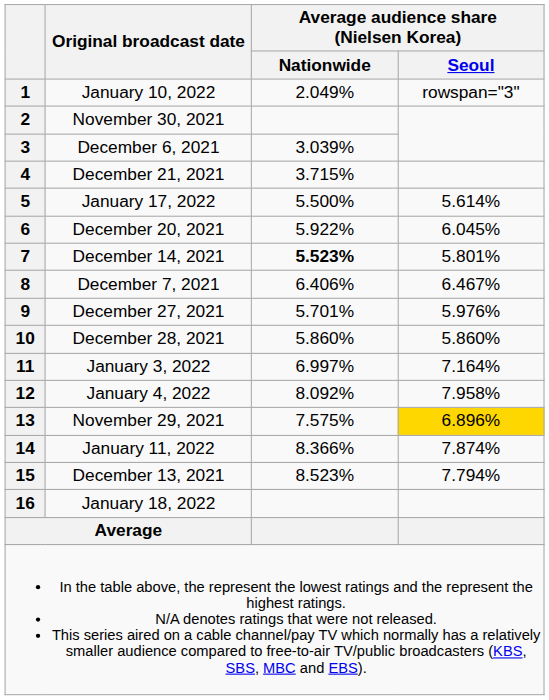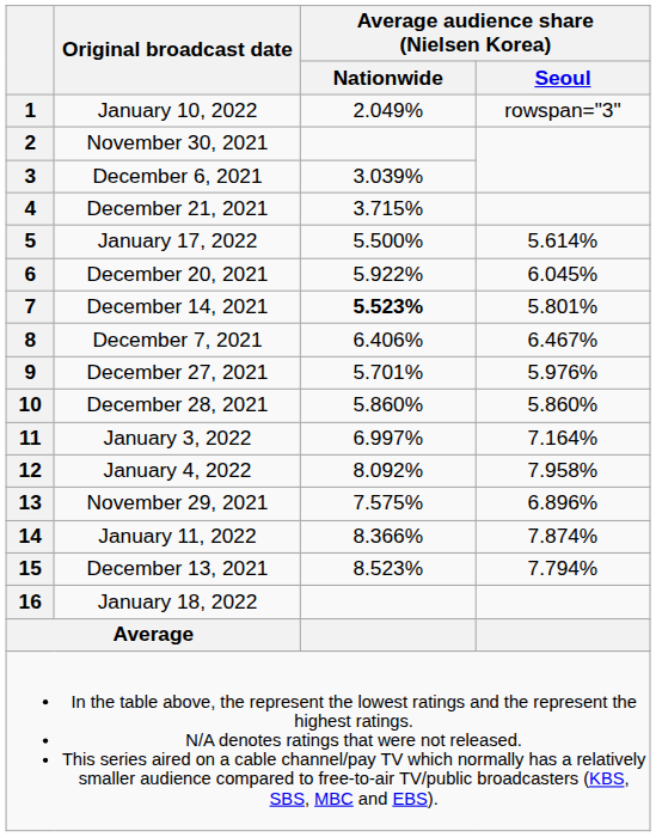 <table class="wikitable" style="margin-left:auto; margin-right:auto; text-align:center; max-width:500px">
 <tr>
 <th scope="col" rowspan="2"></th>
 <th scope="col" rowspan="2">Original broadcast date</th>
 <th scope="col" colspan="2">Average audience share<br>(Nielsen Korea)</th>
 </tr>
 <tr>
 <th scope="col" style="width:8em">Nationwide</th>
 <th scope="col" style="width:8em"><a href='#'>Seoul</a></th>
 </tr>
 <tr>
 <th scope="col">1</th>
 <td>January 10, 2022</td>
 <td>2.049% </td>
 <td>rowspan="3" </td>
 </tr>
 <tr>
 <th scope="col">2</th>
 <td>November 30, 2021</td>
 <td><strong></strong> </td>
 </tr>
 <tr>
 <th scope="col">3</th>
 <td>December 6, 2021</td>
 <td>3.039% </td>
 </tr>
 <tr>
 <th scope="col">4</th>
 <td>December 21, 2021</td>
 <td>3.715% </td>
 <td><strong></strong> </td>
 </tr>
 <tr>
 <th scope="col">5</th>
 <td>January 17, 2022</td>
 <td>5.500% </td>
 <td>5.614% </td>
 </tr>
 <tr>
 <th scope="col">6</th>
 <td>December 20, 2021</td>
 <td>5.922% </td>
 <td>6.045% </td>
 </tr>
 <tr>
 <th scope="col">7</th>
 <td>December 14, 2021</td>
 <td><strong>5.523% </strong></td>
 <td>5.801% </td>
 </tr>
 <tr>
 <th scope="col">8</th>
 <td>December 7, 2021</td>
 <td>6.406% </td>
 <td>6.467% </td>
 </tr>
 <tr>
 <th scope="col">9</th>
 <td>December 27, 2021</td>
 <td>5.701% </td>
 <td>5.976% </td>
 </tr>
 <tr>
 <th scope="col">10</th>
 <td>December 28, 2021</td>
 <td>5.860% </td>
 <td>5.860% </td>
 </tr>
 <tr>
 <th scope="col">11</th>
 <td>January 3, 2022</td>
 <td>6.997% </td>
 <td>7.164% </td>
 </tr>
 <tr>
 <th scope="col">12</th>
 <td>January 4, 2022</td>
 <td>8.092% </td>
 <td>7.958% </td>
 </tr>
 <tr>
 <th scope="col">13</th>
 <td>November 29, 2021</td>
 <td>7.575% </td>
-<td style="background: gold;">6.896% </td>
+<td>6.896% </td>
 </tr>
 <tr>
 <th scope="col">14</th>
 <td>January 11, 2022</td>
 <td>8.366% </td>
 <td>7.874% </td>
 </tr>
 <tr>
 <th scope="col">15</th>
 <td>December 13, 2021</td>
 <td>8.523% </td>
 <td>7.794% </td>
 </tr>
 <tr>
 <th scope="col">16</th>
 <td>January 18, 2022</td>
 <td><strong></strong> </td>
 <td><strong></strong>  </td>
 </tr>
 <tr>
 <th scope="col" colspan="2">Average</th>
 <th scope="col"></th>
 <th scope="col"></th>
 </tr>
 <tr>
 <td colspan="4" style="font-size:85%"><br><ul><li>In the table above, the <strong></strong> represent the lowest ratings and the <strong></strong> represent the highest ratings.</li><li>N/A denotes ratings that were not released.</li><li>This series aired on a cable channel/pay TV which normally has a relatively smaller audience compared to free-to-air TV/public broadcasters (<a href='#'>KBS</a>, <a href='#'>SBS</a>, <a href='#'>MBC</a> and <a href='#'>EBS</a>).</li></ul></td>
 </tr>
 </table>
